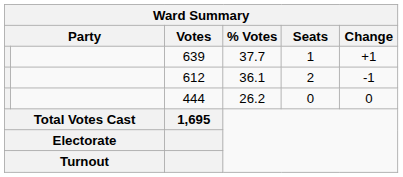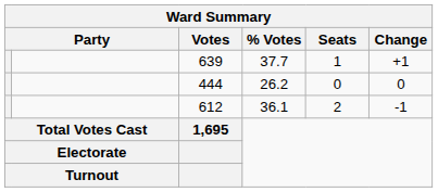 <table class="wikitable" style="font-size: 95%;">
 <tr style="background-color:#E9E9E9">
 <th colspan="6">Ward Summary</th>
 </tr>
 <tr style="background-color:#E9E9E9">
 <th colspan="2">Party</th>
 <th style="width: 60px">Votes</th>
 <th style="width: 60px">% Votes</th>
 <th style="width: 60px">Seats</th>
 <th style="width: 60px">Change</th>
 </tr>
 <tr>
 <th style="background-color: "></th>
 <td style="width: 170px"><a href='#'></a></td>
 <td align="center">639</td>
 <td align="center">37.7</td>
 <td align="center">1</td>
 <td align="center">+1</td>
 </tr>
 <tr>
 <th style="background-color: "></th>
 <td style="width: 170px"><a href='#'></a></td>
+<td align="center">444</td>
+<td align="center">26.2</td>
+<td align="center">0</td>
+<td align="center">0</td>
+</tr>
+<tr>
+<th style="background-color: "></th>
+<td style="width: 170px"><a href='#'></a></td>
 <td align="center">612</td>
 <td align="center">36.1</td>
 <td align="center">2</td>
 <td align="center">-1</td>
-</tr>
-<tr>
-<th style="background-color: "></th>
-<td style="width: 170px"><a href='#'></a></td>
-<td align="center">444</td>
-<td align="center">26.2</td>
-<td align="center">0</td>
-<td align="center">0</td>
 </tr>
 <tr style="background-color:#E9E9E9">
 <th colspan="2">Total Votes Cast</th>
 <th style="width: 60px">1,695</th>
 </tr>
 <tr style="background-color:#E9E9E9">
 <th colspan="2">Electorate</th>
 <th style="width: 60px"></th>
 </tr>
 <tr style="background-color:#E9E9E9">
 <th colspan="2">Turnout</th>
 <th style="width: 60px"></th>
 </tr>
 </table>
